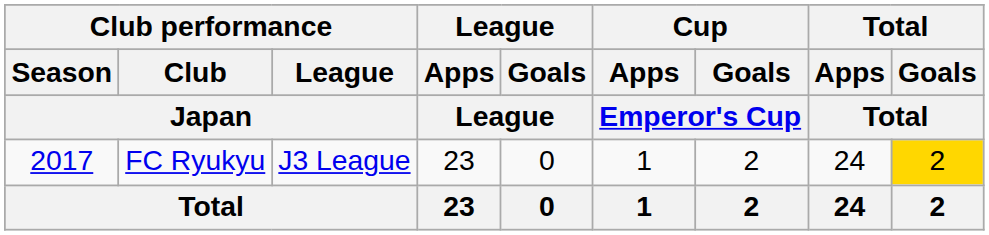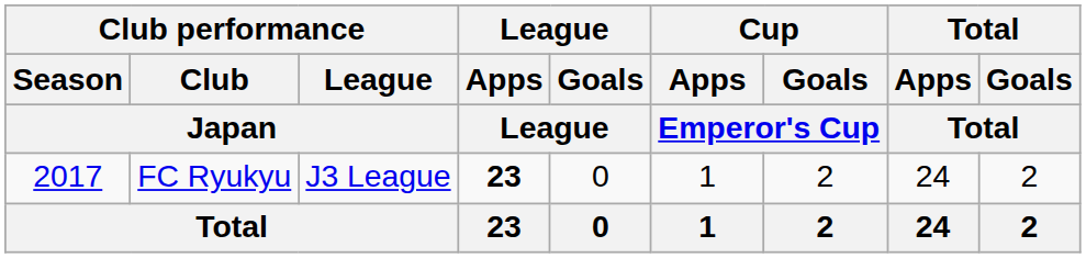 <table class="wikitable" style="text-align:center;">
 <tr>
 <th colspan=3>Club performance</th>
 <th colspan=2>League</th>
 <th colspan=2>Cup</th>
 <th colspan=2>Total</th>
 </tr>
 <tr>
 <th>Season</th>
 <th>Club</th>
 <th>League</th>
 <th>Apps</th>
 <th>Goals</th>
 <th>Apps</th>
 <th>Goals</th>
 <th>Apps</th>
 <th>Goals</th>
 </tr>
 <tr>
 <th colspan=3>Japan</th>
 <th colspan=2>League</th>
 <th colspan=2><a href='#'>Emperor's Cup</a></th>
 <th colspan=2>Total</th>
 </tr>
 <tr>
 <td><a href='#'>2017</a></td>
 <td rowspan="1"><a href='#'>FC Ryukyu</a></td>
 <td rowspan="1"><a href='#'>J3 League</a></td>
-<td>23</td>
+<td><strong>23</strong></td>
 <td>0</td>
 <td>1</td>
 <td>2</td>
 <td>24</td>
-<td style="background: gold;">2</td>
+<td>2</td>
 </tr>
 <tr>
 <th colspan=3>Total</th>
 <th>23</th>
 <th>0</th>
 <th>1</th>
 <th>2</th>
 <th>24</th>
 <th>2</th>
 </tr>
 </table>
